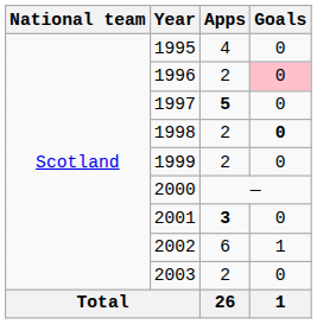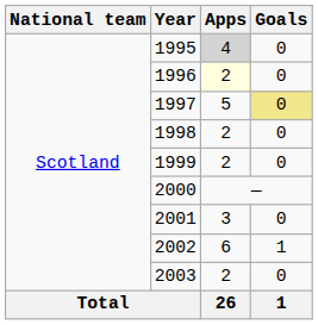 <table class="wikitable" style="text-align:center">
 <tr>
 <th>National team</th>
 <th>Year</th>
 <th>Apps</th>
 <th>Goals</th>
 </tr>
 <tr>
 <td rowspan="9"><a href='#'>Scotland</a></td>
 <td>1995</td>
-<td>4</td>
+<td style="background: lightgrey;">4</td>
 <td>0</td>
 </tr>
 <tr>
 <td>1996</td>
-<td>2</td>
-<td style="background: pink;">0</td>
+<td style="background: lightyellow;">2</td>
+<td>0</td>
 </tr>
 <tr>
 <td>1997</td>
-<td><strong>5</strong></td>
-<td>0</td>
+<td>5</td>
+<td style="background: khaki;">0</td>
 </tr>
 <tr>
 <td>1998</td>
 <td>2</td>
-<td><strong>0</strong></td>
+<td>0</td>
 </tr>
 <tr>
 <td>1999</td>
 <td>2</td>
 <td>0</td>
 </tr>
 <tr>
 <td>2000</td>
 <td colspan="2">—</td>
 </tr>
 <tr>
 <td>2001</td>
-<td><strong>3</strong></td>
+<td>3</td>
 <td>0</td>
 </tr>
 <tr>
 <td>2002</td>
 <td>6</td>
 <td>1</td>
 </tr>
 <tr>
 <td>2003</td>
 <td>2</td>
 <td>0</td>
 </tr>
 <tr>
 <th colspan="2">Total</th>
 <th>26</th>
 <th>1</th>
 </tr>
 </table>
